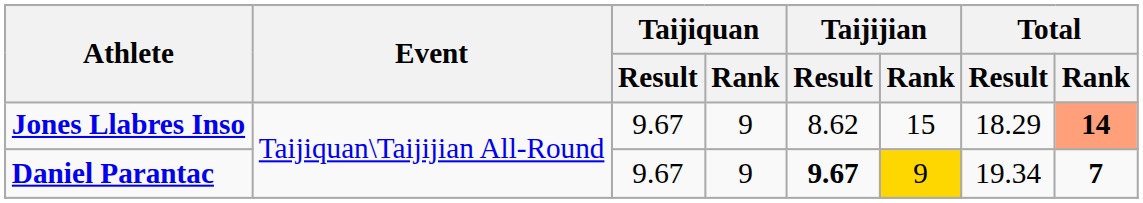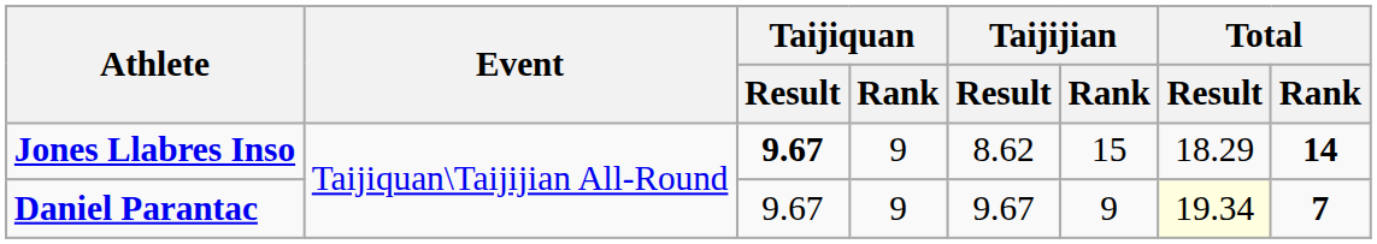 <table class=wikitable style="font-size:90%">
 <tr>
 <th rowspan="2">Athlete</th>
 <th rowspan="2">Event</th>
 <th colspan="2">Taijiquan</th>
 <th colspan="2">Taijijian</th>
 <th colspan="2">Total</th>
 </tr>
 <tr>
 <th>Result</th>
 <th>Rank</th>
 <th>Result</th>
 <th>Rank</th>
 <th>Result</th>
 <th>Rank</th>
 </tr>
 <tr>
 <td><strong><a href='#'>Jones Llabres Inso</a></strong></td>
 <td rowspan=2><a href='#'>Taijiquan\Taijijian All-Round</a></td>
-<td align=center>9.67</td>
+<td align=center><strong>9.67</strong></td>
 <td align=center>9</td>
 <td align=center>8.62</td>
 <td align=center>15</td>
 <td align=center>18.29</td>
-<td align=center style="background: lightsalmon;"><strong>14</strong></td>
+<td align=center><strong>14</strong></td>
 </tr>
 <tr>
 <td><strong><a href='#'>Daniel Parantac</a></strong></td>
 <td align=center>9.67</td>
 <td align=center>9</td>
-<td align=center><strong>9.67</strong></td>
-<td align=center style="background: gold;">9</td>
-<td align=center>19.34</td>
+<td align=center>9.67</td>
+<td align=center>9</td>
+<td align=center style="background: lightyellow;">19.34</td>
 <td align=center><strong>7</strong></td>
 </tr>
 </table>
